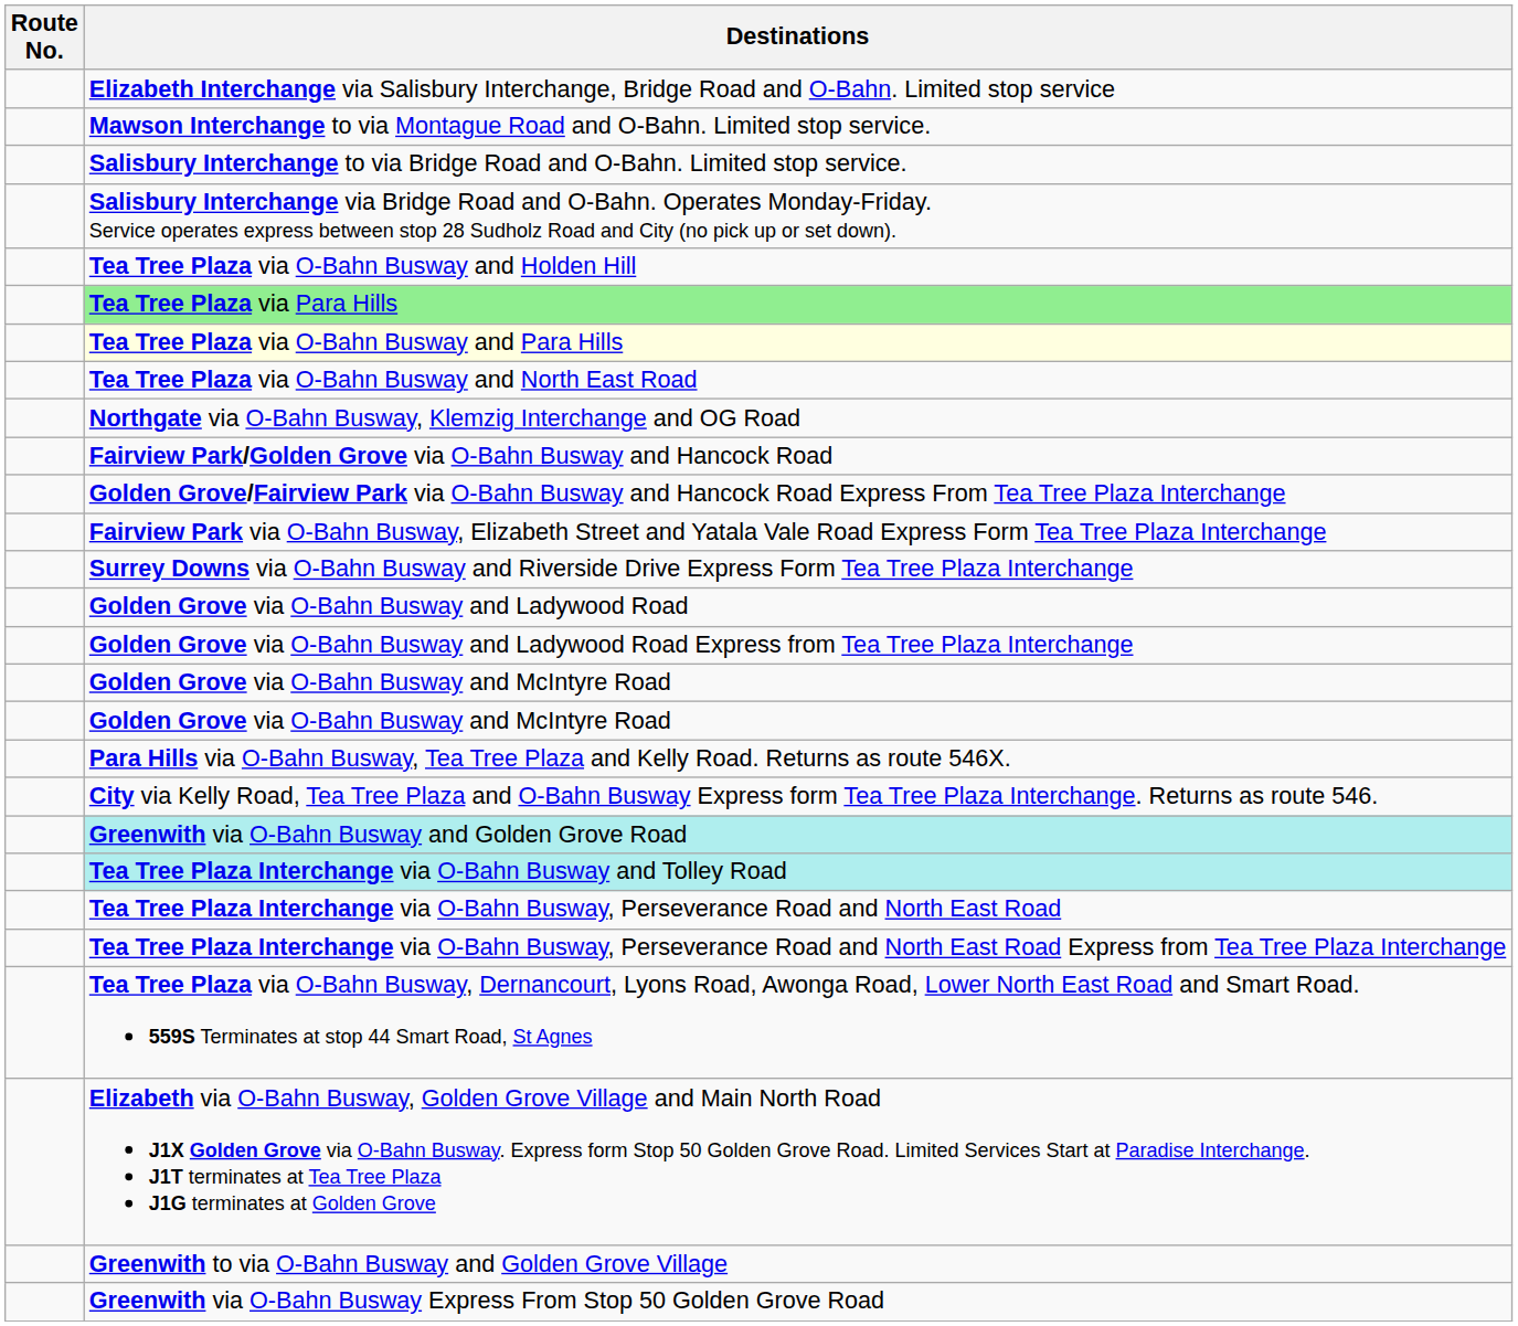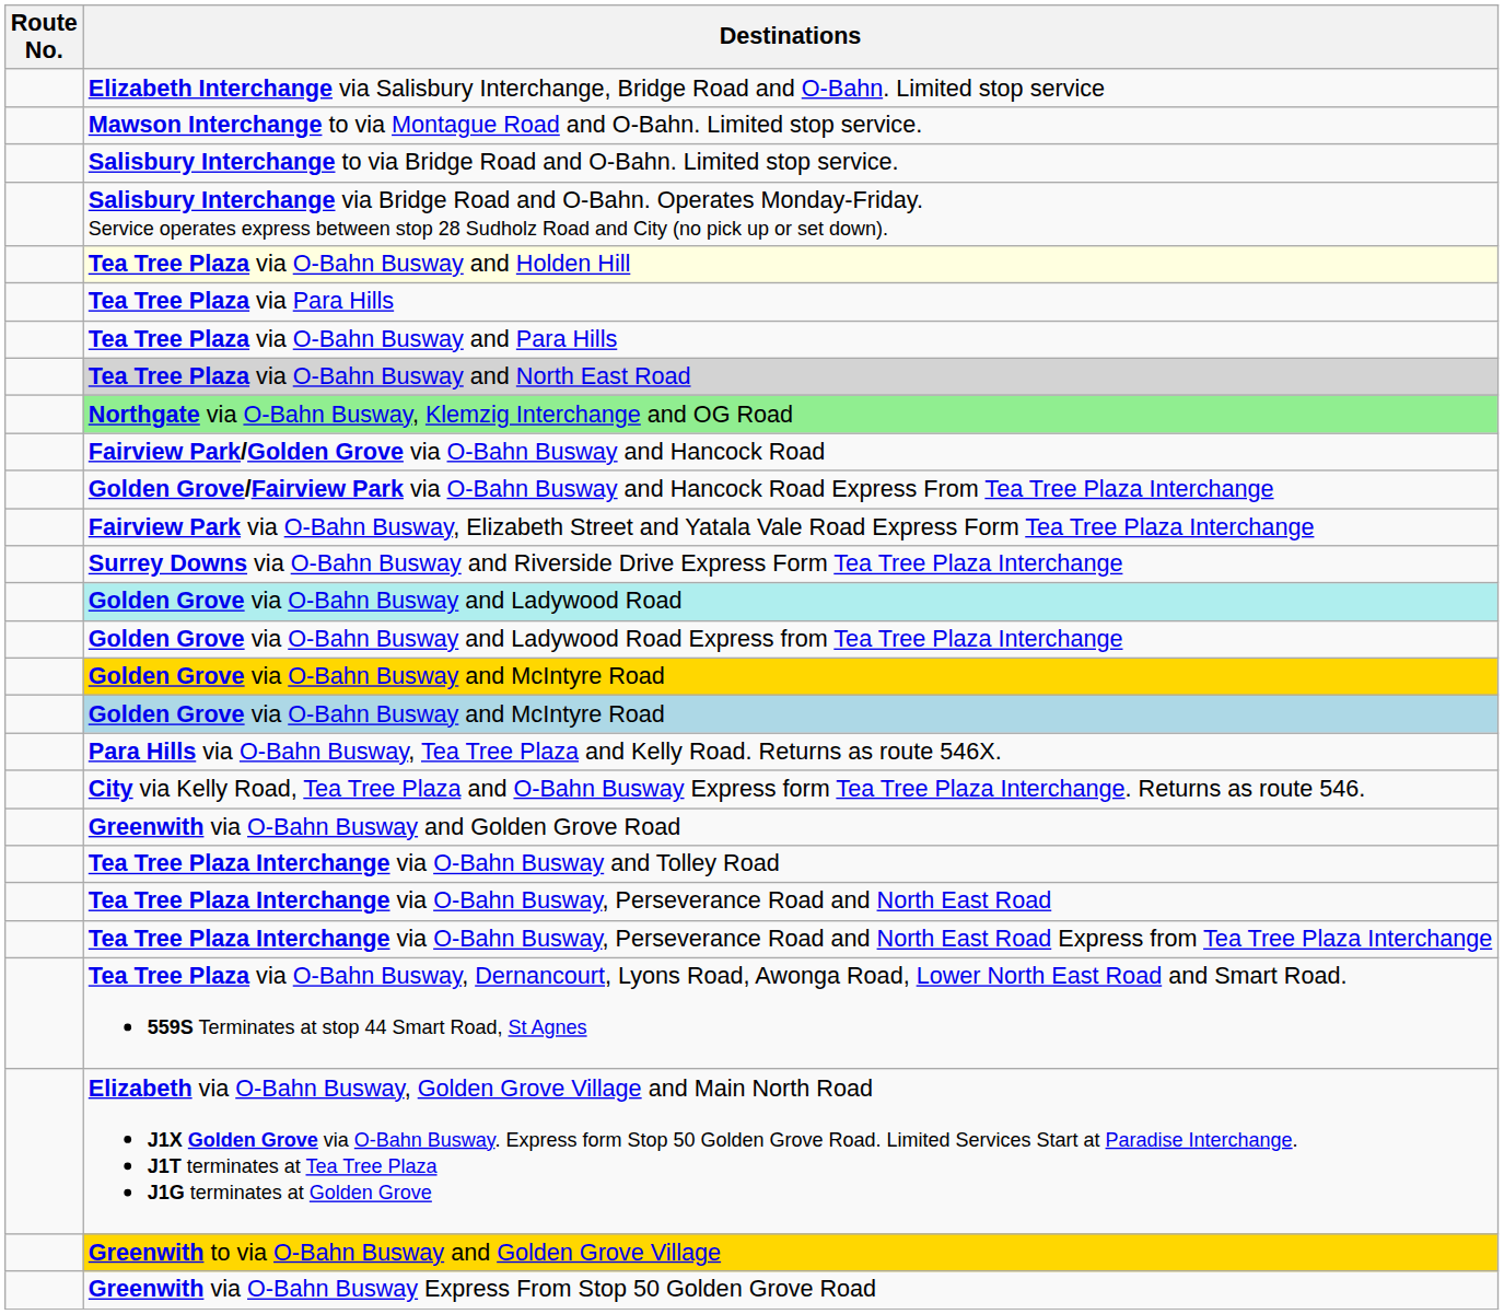 <table class="wikitable">
 <tr>
 <th>Route<br>No.</th>
 <th>Destinations</th>
 </tr>
 <tr>
 <td></td>
 <td><strong><a href='#'>Elizabeth Interchange</a></strong> via Salisbury Interchange, Bridge Road and <a href='#'>O-Bahn</a>. Limited stop service</td>
 </tr>
 <tr>
 <td></td>
 <td><strong><a href='#'>Mawson Interchange</a></strong> to via <a href='#'>Montague Road</a> and O-Bahn. Limited stop service.</td>
 </tr>
 <tr>
 <td></td>
 <td><strong><a href='#'>Salisbury Interchange</a></strong> to via Bridge Road and O-Bahn. Limited stop service.</td>
 </tr>
 <tr>
 <td></td>
 <td><strong><a href='#'>Salisbury Interchange</a></strong> via Bridge Road and O-Bahn.  Operates Monday-Friday.<br><small>Service operates express between stop 28 Sudholz Road and City (no pick up or set down).</small></td>
 </tr>
 <tr>
 <td></td>
-<td><strong><a href='#'>Tea Tree Plaza</a></strong> via <a href='#'>O-Bahn Busway</a> and <a href='#'>Holden Hill</a></td>
+<td style="background: lightyellow;"><strong><a href='#'>Tea Tree Plaza</a></strong> via <a href='#'>O-Bahn Busway</a> and <a href='#'>Holden Hill</a></td>
 </tr>
 <tr>
 <td></td>
-<td style="background: lightgreen;"><strong><a href='#'>Tea Tree Plaza</a></strong> via <a href='#'>Para Hills</a></td>
+<td><strong><a href='#'>Tea Tree Plaza</a></strong> via <a href='#'>Para Hills</a></td>
 </tr>
 <tr>
 <td></td>
-<td style="background: lightyellow;"><strong><a href='#'>Tea Tree Plaza</a></strong> via <a href='#'>O-Bahn Busway</a> and <a href='#'>Para Hills</a></td>
+<td><strong><a href='#'>Tea Tree Plaza</a></strong> via <a href='#'>O-Bahn Busway</a> and <a href='#'>Para Hills</a></td>
 </tr>
 <tr>
 <td></td>
-<td><strong><a href='#'>Tea Tree Plaza</a></strong> via <a href='#'>O-Bahn Busway</a> and <a href='#'>North East Road</a></td>
+<td style="background: lightgrey;"><strong><a href='#'>Tea Tree Plaza</a></strong> via <a href='#'>O-Bahn Busway</a> and <a href='#'>North East Road</a></td>
 </tr>
 <tr>
 <td></td>
-<td><strong><a href='#'>Northgate</a></strong> via <a href='#'>O-Bahn Busway</a>, <a href='#'>Klemzig Interchange</a> and OG Road</td>
+<td style="background: lightgreen;"><strong><a href='#'>Northgate</a></strong> via <a href='#'>O-Bahn Busway</a>, <a href='#'>Klemzig Interchange</a> and OG Road</td>
 </tr>
 <tr>
 <td></td>
 <td><strong><a href='#'>Fairview Park</a>/<a href='#'>Golden Grove</a></strong>  via <a href='#'>O-Bahn Busway</a> and Hancock Road</td>
 </tr>
 <tr>
 <td></td>
 <td><strong><a href='#'>Golden Grove</a>/<a href='#'>Fairview Park</a></strong> via <a href='#'>O-Bahn Busway</a> and Hancock Road Express From <a href='#'>Tea Tree Plaza Interchange</a></td>
 </tr>
 <tr>
 <td></td>
 <td><strong><a href='#'>Fairview Park</a></strong> via <a href='#'>O-Bahn Busway</a>, Elizabeth Street and Yatala Vale Road Express Form <a href='#'>Tea Tree Plaza Interchange</a></td>
 </tr>
 <tr>
 <td></td>
 <td><strong><a href='#'>Surrey Downs</a></strong> via <a href='#'>O-Bahn Busway</a> and Riverside Drive Express Form <a href='#'>Tea Tree Plaza Interchange</a></td>
 </tr>
 <tr>
 <td></td>
-<td><strong><a href='#'>Golden Grove</a></strong> via <a href='#'>O-Bahn Busway</a> and Ladywood Road</td>
+<td style="background: paleturquoise;"><strong><a href='#'>Golden Grove</a></strong> via <a href='#'>O-Bahn Busway</a> and Ladywood Road</td>
 </tr>
 <tr>
 <td></td>
 <td><strong><a href='#'>Golden Grove</a></strong> via <a href='#'>O-Bahn Busway</a> and Ladywood Road Express from <a href='#'>Tea Tree Plaza Interchange</a></td>
 </tr>
 <tr>
 <td></td>
-<td><strong><a href='#'>Golden Grove</a></strong> via <a href='#'>O-Bahn Busway</a> and McIntyre Road</td>
+<td style="background: gold;"><strong><a href='#'>Golden Grove</a></strong> via <a href='#'>O-Bahn Busway</a> and McIntyre Road</td>
 </tr>
 <tr>
 <td></td>
-<td><strong><a href='#'>Golden Grove</a></strong> via <a href='#'>O-Bahn Busway</a> and McIntyre Road</td>
+<td style="background: lightblue;"><strong><a href='#'>Golden Grove</a></strong> via <a href='#'>O-Bahn Busway</a> and McIntyre Road</td>
 </tr>
 <tr>
 <td></td>
 <td><strong><a href='#'>Para Hills</a></strong> via <a href='#'>O-Bahn Busway</a>, <a href='#'>Tea Tree Plaza</a> and Kelly Road. Returns as route 546X.</td>
 </tr>
 <tr>
 <td></td>
 <td><strong><a href='#'>City</a></strong> via Kelly Road, <a href='#'>Tea Tree Plaza</a> and <a href='#'>O-Bahn Busway</a> Express form <a href='#'>Tea Tree Plaza Interchange</a>. Returns as route 546.</td>
 </tr>
 <tr>
 <td></td>
-<td style="background: paleturquoise;"><strong><a href='#'>Greenwith</a></strong> via <a href='#'>O-Bahn Busway</a> and Golden Grove Road</td>
+<td><strong><a href='#'>Greenwith</a></strong> via <a href='#'>O-Bahn Busway</a> and Golden Grove Road</td>
 </tr>
 <tr>
 <td></td>
-<td style="background: paleturquoise;"><strong><a href='#'>Tea Tree Plaza Interchange</a></strong> via <a href='#'>O-Bahn Busway</a> and Tolley Road</td>
+<td><strong><a href='#'>Tea Tree Plaza Interchange</a></strong> via <a href='#'>O-Bahn Busway</a> and Tolley Road</td>
 </tr>
 <tr>
 <td></td>
 <td><strong><a href='#'>Tea Tree Plaza Interchange</a></strong> via <a href='#'>O-Bahn Busway</a>, Perseverance Road and <a href='#'>North East Road</a></td>
 </tr>
 <tr>
 <td></td>
 <td><strong><a href='#'>Tea Tree Plaza Interchange</a></strong> via <a href='#'>O-Bahn Busway</a>, Perseverance Road and <a href='#'>North East Road</a> Express from <a href='#'>Tea Tree Plaza Interchange</a></td>
 </tr>
 <tr>
 <td></td>
 <td><strong><a href='#'>Tea Tree Plaza</a></strong> via <a href='#'>O-Bahn Busway</a>, <a href='#'>Dernancourt</a>, Lyons Road, Awonga Road, <a href='#'>Lower North East Road</a> and Smart Road.<br><ul><li><small><strong>559S</strong> Terminates at stop 44 Smart Road, <a href='#'>St Agnes</a></small></li></ul></td>
 </tr>
 <tr>
 <td></td>
 <td><strong><a href='#'>Elizabeth</a></strong> via <a href='#'>O-Bahn Busway</a>, <a href='#'>Golden Grove Village</a> and Main North Road<br><ul><li><small> <strong>J1X</strong> <strong><a href='#'>Golden Grove</a></strong> via <a href='#'>O-Bahn Busway</a>. Express form Stop 50 Golden Grove Road. Limited Services Start at <a href='#'>Paradise Interchange</a>. </small></li><li><small><strong>J1T</strong> terminates at <a href='#'>Tea Tree Plaza</a></small></li><li><small><strong>J1G</strong> terminates at <a href='#'>Golden Grove</a></small></li></ul></td>
 </tr>
 <tr>
 <td></td>
-<td><strong><a href='#'>Greenwith</a></strong> to via <a href='#'>O-Bahn Busway</a> and <a href='#'>Golden Grove Village</a></td>
+<td style="background: gold;"><strong><a href='#'>Greenwith</a></strong> to via <a href='#'>O-Bahn Busway</a> and <a href='#'>Golden Grove Village</a></td>
 </tr>
 <tr>
 <td></td>
 <td><strong><a href='#'>Greenwith</a></strong> via <a href='#'>O-Bahn Busway</a> Express From Stop 50 Golden Grove Road</td>
 </tr>
 </table>
